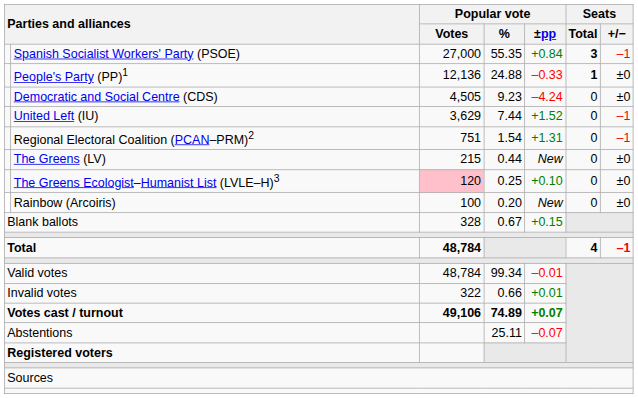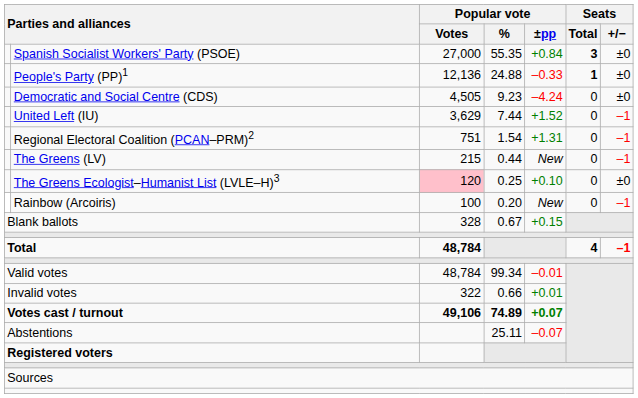 <table class="wikitable" style="text-align:right;">
 <tr>
 <th style="text-align:left;" rowspan="2" colspan="2" width="525">Parties and alliances</th>
 <th colspan="3">Popular vote</th>
 <th colspan="2">Seats</th>
 </tr>
 <tr>
 <th width="75">Votes</th>
 <th width="45">%</th>
 <th width="45">±<a href='#'>pp</a></th>
 <th width="35">Total</th>
 <th width="35">+/−</th>
 </tr>
 <tr>
 <td width="1" style="color:inherit;background:"></td>
 <td align="left"><a href='#'>Spanish Socialist Workers' Party</a> (PSOE)</td>
 <td>27,000</td>
 <td>55.35</td>
 <td style="color:green;">+0.84</td>
 <td><strong>3</strong></td>
-<td style="color:red;">–1</td>
+<td>±0</td>
 </tr>
 <tr>
 <td style="color:inherit;background:"></td>
 <td align="left"><a href='#'>People's Party</a> (PP)<sup>1</sup></td>
 <td>12,136</td>
 <td>24.88</td>
 <td style="color:red;">–0.33</td>
 <td><strong>1</strong></td>
 <td>±0</td>
 </tr>
 <tr>
 <td style="color:inherit;background:"></td>
 <td align="left"><a href='#'>Democratic and Social Centre</a> (CDS)</td>
 <td>4,505</td>
 <td>9.23</td>
 <td style="color:red;">–4.24</td>
 <td>0</td>
 <td>±0</td>
 </tr>
 <tr>
 <td style="color:inherit;background:"></td>
 <td align="left"><a href='#'>United Left</a> (IU)</td>
 <td>3,629</td>
 <td>7.44</td>
 <td style="color:green;">+1.52</td>
 <td>0</td>
 <td style="color:red;">–1</td>
 </tr>
 <tr>
 <td style="color:inherit;background:"></td>
 <td align="left">Regional Electoral Coalition (<a href='#'>PCAN</a>–PRM)<sup>2</sup></td>
 <td>751</td>
 <td>1.54</td>
 <td style="color:green;">+1.31</td>
 <td>0</td>
 <td style="color:red;">–1</td>
 </tr>
 <tr>
 <td style="color:inherit;background:"></td>
 <td align="left"><a href='#'>The Greens</a> (LV)</td>
 <td>215</td>
 <td>0.44</td>
 <td><em>New</em></td>
 <td>0</td>
-<td>±0</td>
+<td style="color:red;">–1</td>
 </tr>
 <tr>
 <td style="color:inherit;background:"></td>
 <td align="left"><a href='#'>The Greens Ecologist</a>–<a href='#'>Humanist List</a> (LVLE–H)<sup>3</sup></td>
 <td style="background: pink;">120</td>
 <td>0.25</td>
 <td style="color:green;">+0.10</td>
 <td>0</td>
 <td>±0</td>
 </tr>
 <tr>
 <td bgcolor="white"></td>
 <td align="left">Rainbow (Arcoiris)</td>
 <td>100</td>
 <td>0.20</td>
 <td><em>New</em></td>
 <td>0</td>
-<td>±0</td>
+<td style="color:red;">–1</td>
 </tr>
 <tr>
 <td align="left" colspan="2">Blank ballots</td>
 <td>328</td>
 <td>0.67</td>
 <td style="color:green;">+0.15</td>
 <td bgcolor="#E9E9E9" colspan="2"></td>
 </tr>
 <tr>
 <td colspan="7" bgcolor="#E9E9E9"></td>
 </tr>
 <tr style="font-weight:bold;">
 <td align="left" colspan="2">Total</td>
 <td>48,784</td>
 <td bgcolor="#E9E9E9" colspan="2"></td>
 <td>4</td>
 <td style="color:red;">–1</td>
 </tr>
 <tr>
 <td colspan="7" bgcolor="#E9E9E9"></td>
 </tr>
 <tr>
 <td align="left" colspan="2">Valid votes</td>
 <td>48,784</td>
 <td>99.34</td>
 <td style="color:red;">–0.01</td>
 <td bgcolor="#E9E9E9" colspan="2" rowspan="5"></td>
 </tr>
 <tr>
 <td align="left" colspan="2">Invalid votes</td>
 <td>322</td>
 <td>0.66</td>
 <td style="color:green;">+0.01</td>
 </tr>
 <tr style="font-weight:bold;">
 <td align="left" colspan="2">Votes cast / turnout</td>
 <td>49,106</td>
 <td>74.89</td>
 <td style="color:green;">+0.07</td>
 </tr>
 <tr>
 <td align="left" colspan="2">Abstentions</td>
 <td></td>
 <td>25.11</td>
 <td style="color:red;">–0.07</td>
 </tr>
 <tr style="font-weight:bold;">
 <td align="left" colspan="2">Registered voters</td>
 <td></td>
 <td bgcolor="#E9E9E9" colspan="2"></td>
 </tr>
 <tr>
 <td colspan="7" bgcolor="#E9E9E9"></td>
 </tr>
 <tr>
 <td align="left" colspan="7">Sources</td>
 </tr>
 <tr>
 <td colspan="7" style="text-align:left; max-width:790px;"></td>
 </tr>
 </table>
